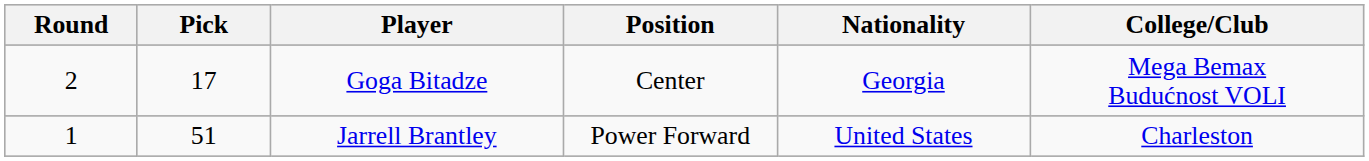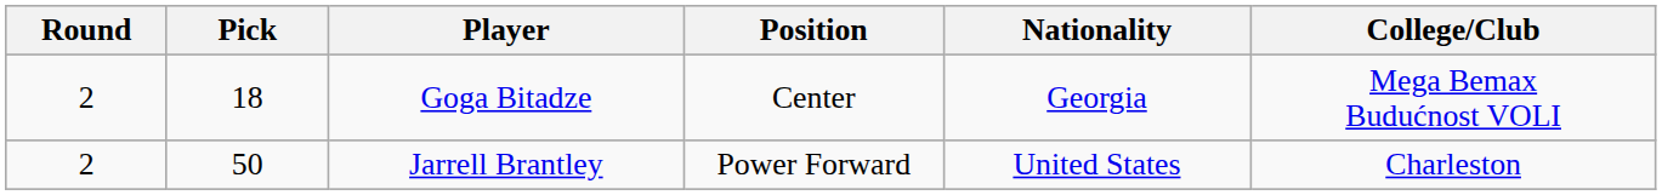 <table class="wikitable sortable sortable">
 <tr>
 <th width="75">Round</th>
 <th width="75">Pick</th>
 <th width="175">Player</th>
 <th width="125">Position</th>
 <th width="150">Nationality</th>
 <th width="200">College/Club</th>
 </tr>
 <tr style="text-align: center">
 <td>2</td>
-<td>17</td>
+<td>18</td>
 <td><a href='#'>Goga Bitadze</a></td>
 <td>Center</td>
 <td> <a href='#'>Georgia</a></td>
 <td> <a href='#'>Mega Bemax</a><br> <a href='#'>Budućnost VOLI</a></td>
 </tr>
 <tr style="text-align: center">
-<td>1</td>
-<td>51</td>
+<td>2</td>
+<td>50</td>
 <td><a href='#'>Jarrell Brantley</a></td>
 <td>Power Forward</td>
 <td> <a href='#'>United States</a></td>
 <td><a href='#'>Charleston</a></td>
 </tr>
 </table>
